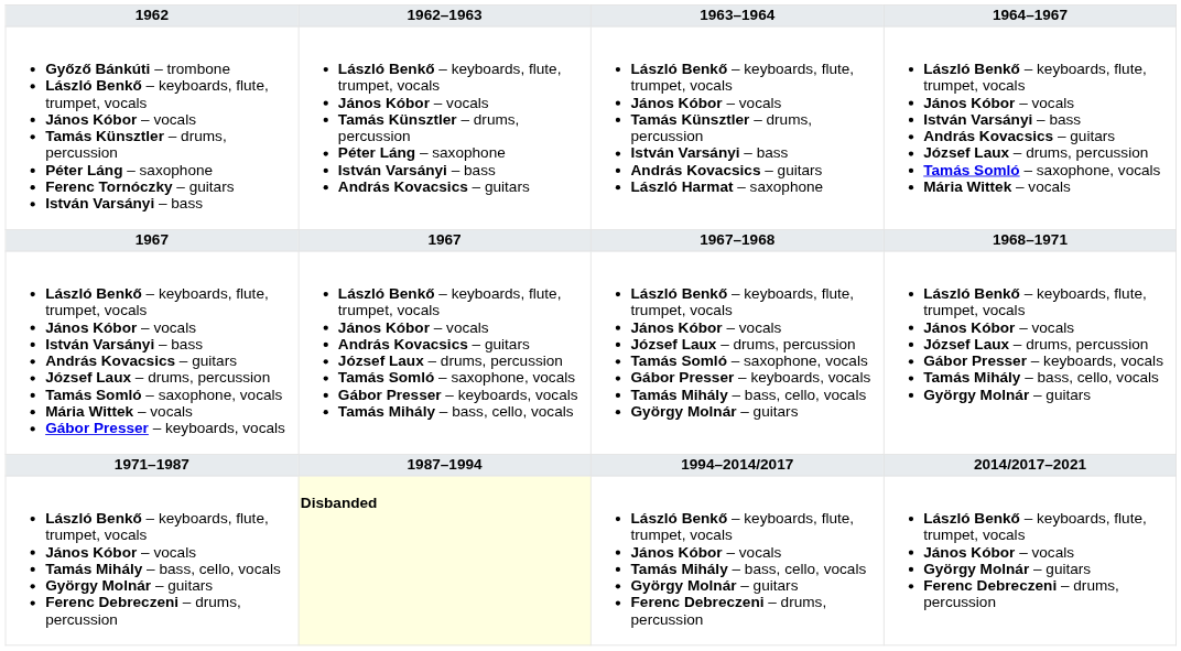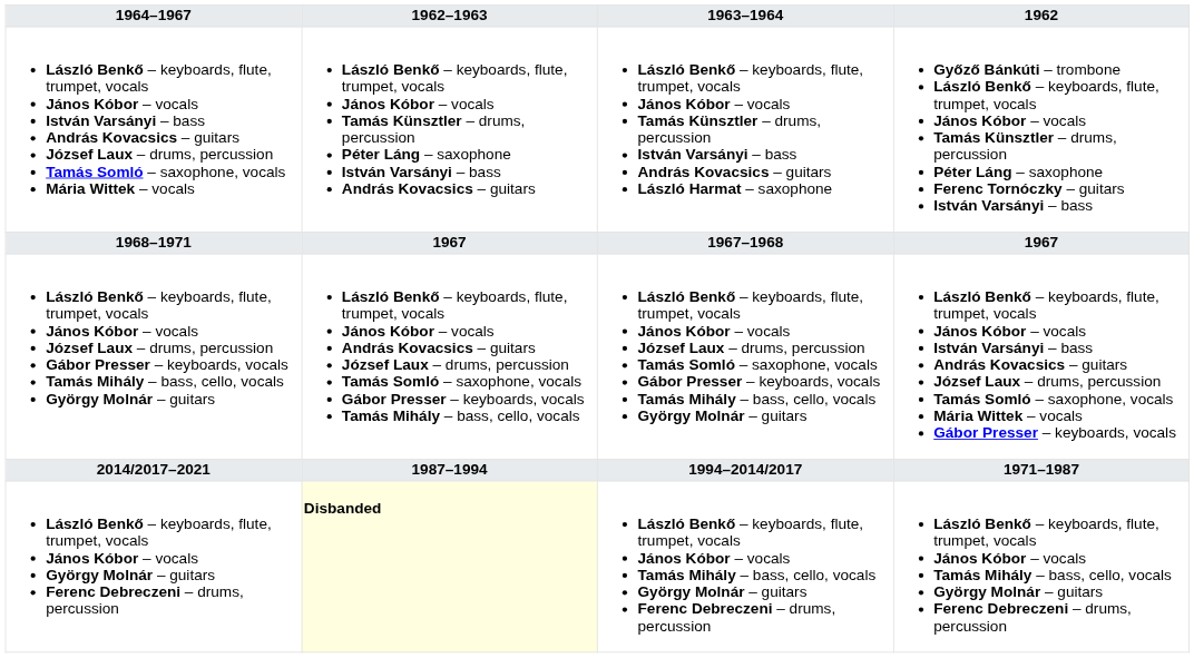 <table class="toccolours" border=1 cellpadding=2 cellspacing=0 style="float: width: 375px; margin: 0 0 1em 1em; border-collapse: collapse; border: 1px solid #E2E2E2;" width=99%>
 <tr>
-<th bgcolor="#E7EBEE" valign=top width=25%>1962</th>
+<th bgcolor="#E7EBEE" valign=top width=25%>1964–1967</th>
 <th bgcolor="#E7EBEE" valign=top width=25%>1962–1963</th>
 <th bgcolor="#E7EBEE" valign=top width=25%>1963–1964</th>
-<th bgcolor="#E7EBEE" valign=top width=25%>1964–1967</th>
+<th bgcolor="#E7EBEE" valign=top width=25%>1962</th>
 </tr>
 <tr>
-<td valign=top><br><ul><li><strong>Győző Bánkúti</strong> – trombone</li><li><strong>László Benkő</strong> – keyboards, flute, trumpet, vocals</li><li><strong>János Kóbor</strong> – vocals</li><li><strong>Tamás Künsztler</strong> – drums, percussion</li><li><strong>Péter Láng</strong> – saxophone</li><li><strong>Ferenc Tornóczky</strong> – guitars</li><li><strong>István Varsányi</strong> – bass</li></ul></td>
+<td valign=top><br><ul><li><strong>László Benkő</strong> – keyboards, flute, trumpet, vocals</li><li><strong>János Kóbor</strong> – vocals</li><li><strong>István Varsányi</strong> – bass</li><li><strong>András Kovacsics</strong> – guitars</li><li><strong>József Laux</strong> – drums, percussion</li><li><strong><a href='#'>Tamás Somló</a></strong> – saxophone, vocals</li><li><strong>Mária Wittek</strong> – vocals</li></ul></td>
 <td valign=top><br><ul><li><strong>László Benkő</strong> – keyboards, flute, trumpet, vocals</li><li><strong>János Kóbor</strong> – vocals</li><li><strong>Tamás Künsztler</strong> – drums, percussion</li><li><strong>Péter Láng</strong> – saxophone</li><li><strong>István Varsányi</strong> – bass</li><li><strong>András Kovacsics</strong> – guitars</li></ul></td>
 <td valign=top><br><ul><li><strong>László Benkő</strong> – keyboards, flute, trumpet, vocals</li><li><strong>János Kóbor</strong> – vocals</li><li><strong>Tamás Künsztler</strong> – drums, percussion</li><li><strong>István Varsányi</strong> – bass</li><li><strong>András Kovacsics</strong> – guitars</li><li><strong>László Harmat</strong> – saxophone</li></ul></td>
-<td valign=top><br><ul><li><strong>László Benkő</strong> – keyboards, flute, trumpet, vocals</li><li><strong>János Kóbor</strong> – vocals</li><li><strong>István Varsányi</strong> – bass</li><li><strong>András Kovacsics</strong> – guitars</li><li><strong>József Laux</strong> – drums, percussion</li><li><strong><a href='#'>Tamás Somló</a></strong> – saxophone, vocals</li><li><strong>Mária Wittek</strong> – vocals</li></ul></td>
+<td valign=top><br><ul><li><strong>Győző Bánkúti</strong> – trombone</li><li><strong>László Benkő</strong> – keyboards, flute, trumpet, vocals</li><li><strong>János Kóbor</strong> – vocals</li><li><strong>Tamás Künsztler</strong> – drums, percussion</li><li><strong>Péter Láng</strong> – saxophone</li><li><strong>Ferenc Tornóczky</strong> – guitars</li><li><strong>István Varsányi</strong> – bass</li></ul></td>
 </tr>
 <tr>
-<th bgcolor="#E7EBEE" valign=top width=25%>1967</th>
+<th bgcolor="#E7EBEE" valign=top width=25%>1968–1971</th>
 <th bgcolor="#E7EBEE" valign=top width=25%>1967</th>
 <th bgcolor="#E7EBEE" valign=top width=25%>1967–1968</th>
-<th bgcolor="#E7EBEE" valign=top width=25%>1968–1971</th>
+<th bgcolor="#E7EBEE" valign=top width=25%>1967</th>
 </tr>
 <tr>
-<td valign=top><br><ul><li><strong>László Benkő</strong> – keyboards, flute, trumpet, vocals</li><li><strong>János Kóbor</strong> – vocals</li><li><strong>István Varsányi</strong> – bass</li><li><strong>András Kovacsics</strong> – guitars</li><li><strong>József Laux</strong> – drums, percussion</li><li><strong>Tamás Somló</strong> – saxophone, vocals</li><li><strong>Mária Wittek</strong> – vocals</li><li><strong><a href='#'>Gábor Presser</a></strong> – keyboards, vocals</li></ul></td>
+<td valign=top><br><ul><li><strong>László Benkő</strong> – keyboards, flute, trumpet, vocals</li><li><strong>János Kóbor</strong> – vocals</li><li><strong>József Laux</strong> – drums, percussion</li><li><strong>Gábor Presser</strong> – keyboards, vocals</li><li><strong>Tamás Mihály</strong> – bass, cello, vocals</li><li><strong>György Molnár</strong> – guitars</li></ul></td>
 <td valign=top><br><ul><li><strong>László Benkő</strong> – keyboards, flute, trumpet, vocals</li><li><strong>János Kóbor</strong> – vocals</li><li><strong>András Kovacsics</strong> – guitars</li><li><strong>József Laux</strong> – drums, percussion</li><li><strong>Tamás Somló</strong> – saxophone, vocals</li><li><strong>Gábor Presser</strong> – keyboards, vocals</li><li><strong>Tamás Mihály</strong> – bass, cello, vocals</li></ul></td>
 <td valign=top><br><ul><li><strong>László Benkő</strong> – keyboards, flute, trumpet, vocals</li><li><strong>János Kóbor</strong> – vocals</li><li><strong>József Laux</strong> – drums, percussion</li><li><strong>Tamás Somló</strong> – saxophone, vocals</li><li><strong>Gábor Presser</strong> – keyboards, vocals</li><li><strong>Tamás Mihály</strong> – bass, cello, vocals</li><li><strong>György Molnár</strong> – guitars</li></ul></td>
-<td valign=top><br><ul><li><strong>László Benkő</strong> – keyboards, flute, trumpet, vocals</li><li><strong>János Kóbor</strong> – vocals</li><li><strong>József Laux</strong> – drums, percussion</li><li><strong>Gábor Presser</strong> – keyboards, vocals</li><li><strong>Tamás Mihály</strong> – bass, cello, vocals</li><li><strong>György Molnár</strong> – guitars</li></ul></td>
+<td valign=top><br><ul><li><strong>László Benkő</strong> – keyboards, flute, trumpet, vocals</li><li><strong>János Kóbor</strong> – vocals</li><li><strong>István Varsányi</strong> – bass</li><li><strong>András Kovacsics</strong> – guitars</li><li><strong>József Laux</strong> – drums, percussion</li><li><strong>Tamás Somló</strong> – saxophone, vocals</li><li><strong>Mária Wittek</strong> – vocals</li><li><strong><a href='#'>Gábor Presser</a></strong> – keyboards, vocals</li></ul></td>
 </tr>
 <tr>
-<th bgcolor="#E7EBEE" valign=top width=25%>1971–1987</th>
+<th bgcolor="#E7EBEE" valign=top width=25%>2014/2017–2021</th>
 <th bgcolor="#E7EBEE" valign=top width=25%>1987–1994</th>
 <th bgcolor="#E7EBEE" valign=top width=25%>1994–2014/2017</th>
-<th bgcolor="#E7EBEE" valign=top width=25%>2014/2017–2021</th>
+<th bgcolor="#E7EBEE" valign=top width=25%>1971–1987</th>
 </tr>
 <tr>
-<td valign=top><br><ul><li><strong>László Benkő</strong> – keyboards, flute, trumpet, vocals</li><li><strong>János Kóbor</strong> – vocals</li><li><strong>Tamás Mihály</strong> – bass, cello, vocals</li><li><strong>György Molnár</strong> – guitars</li><li><strong>Ferenc Debreczeni</strong> – drums, percussion</li></ul></td>
+<td valign=top><br><ul><li><strong>László Benkő</strong> – keyboards, flute, trumpet, vocals</li><li><strong>János Kóbor</strong> – vocals</li><li><strong>György Molnár</strong> – guitars</li><li><strong>Ferenc Debreczeni</strong> – drums, percussion</li></ul></td>
 <td valign=top style="background: lightyellow;"><br><strong>Disbanded</strong></td>
 <td valign=top><br><ul><li><strong>László Benkő</strong> – keyboards, flute, trumpet, vocals</li><li><strong>János Kóbor</strong> – vocals</li><li><strong>Tamás Mihály</strong> – bass, cello, vocals</li><li><strong>György Molnár</strong> – guitars</li><li><strong>Ferenc Debreczeni</strong> – drums, percussion</li></ul></td>
-<td valign=top><br><ul><li><strong>László Benkő</strong> – keyboards, flute, trumpet, vocals</li><li><strong>János Kóbor</strong> – vocals</li><li><strong>György Molnár</strong> – guitars</li><li><strong>Ferenc Debreczeni</strong> – drums, percussion</li></ul></td>
+<td valign=top><br><ul><li><strong>László Benkő</strong> – keyboards, flute, trumpet, vocals</li><li><strong>János Kóbor</strong> – vocals</li><li><strong>Tamás Mihály</strong> – bass, cello, vocals</li><li><strong>György Molnár</strong> – guitars</li><li><strong>Ferenc Debreczeni</strong> – drums, percussion</li></ul></td>
 </tr>
 </table>
